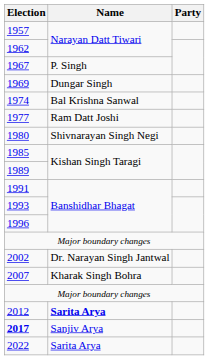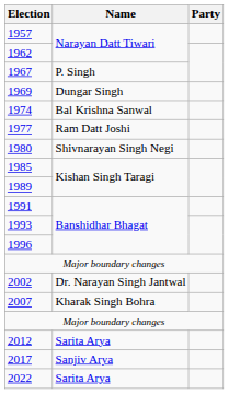 <table class="wikitable sortable">
 <tr>
 <th>Election</th>
 <th>Name</th>
 <th colspan=2>Party</th>
 </tr>
 <tr>
 <td><a href='#'>1957</a></td>
 <td rowspan="2"><a href='#'>Narayan Datt Tiwari</a></td>
 <td></td>
 </tr>
 <tr>
 <td><a href='#'>1962</a></td>
 </tr>
 <tr>
 <td><a href='#'>1967</a></td>
 <td>P. Singh</td>
 </tr>
 <tr>
 <td><a href='#'>1969</a></td>
 <td>Dungar Singh</td>
 <td></td>
 </tr>
 <tr>
 <td><a href='#'>1974</a></td>
 <td>Bal Krishna Sanwal</td>
 </tr>
 <tr>
 <td><a href='#'>1977</a></td>
 <td>Ram Datt Joshi</td>
 <td></td>
 </tr>
 <tr>
 <td><a href='#'>1980</a></td>
 <td>Shivnarayan Singh Negi</td>
 <td></td>
 </tr>
 <tr>
 <td><a href='#'>1985</a></td>
 <td rowspan="2">Kishan Singh Taragi</td>
 </tr>
 <tr>
 <td><a href='#'>1989</a></td>
 </tr>
 <tr>
 <td><a href='#'>1991</a></td>
 <td rowspan="3"><a href='#'>Banshidhar Bhagat</a></td>
 <td></td>
 </tr>
 <tr>
 <td><a href='#'>1993</a></td>
 </tr>
 <tr>
 <td><a href='#'>1996</a></td>
 </tr>
 <tr>
 <td colspan=4 align=center><small><em>Major boundary changes</em></small></td>
 </tr>
 <tr>
 <td><a href='#'>2002</a></td>
 <td>Dr. Narayan Singh Jantwal</td>
 <td></td>
 </tr>
 <tr>
 <td><a href='#'>2007</a></td>
 <td>Kharak Singh Bohra</td>
 <td></td>
 </tr>
 <tr>
 <td colspan=4 align=center><small><em>Major boundary changes</em></small></td>
 </tr>
 <tr>
 <td><a href='#'>2012</a></td>
-<td><strong><a href='#'>Sarita Arya</a></strong></td>
+<td><a href='#'>Sarita Arya</a></td>
 <td></td>
 </tr>
 <tr>
-<td><strong><a href='#'>2017</a></strong></td>
+<td><a href='#'>2017</a></td>
 <td><a href='#'>Sanjiv Arya</a></td>
 <td></td>
 </tr>
 <tr>
 <td><a href='#'>2022</a></td>
 <td><a href='#'>Sarita Arya</a></td>
 </tr>
 </table>
